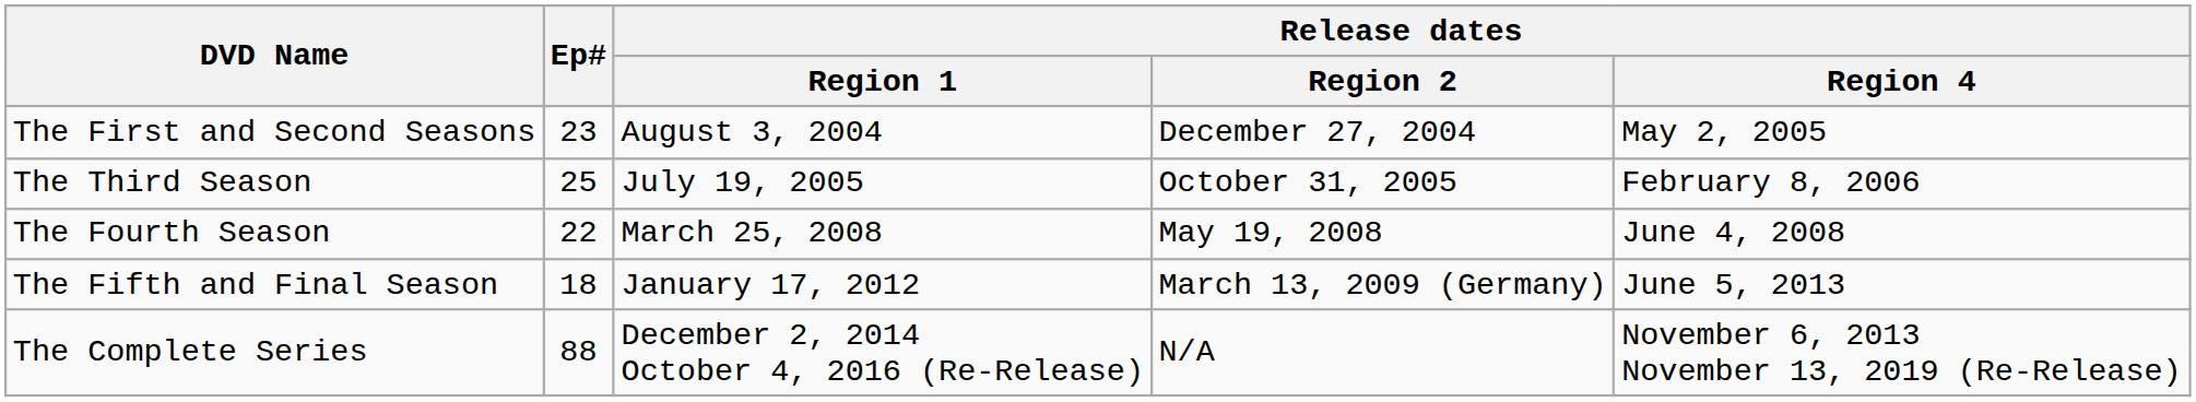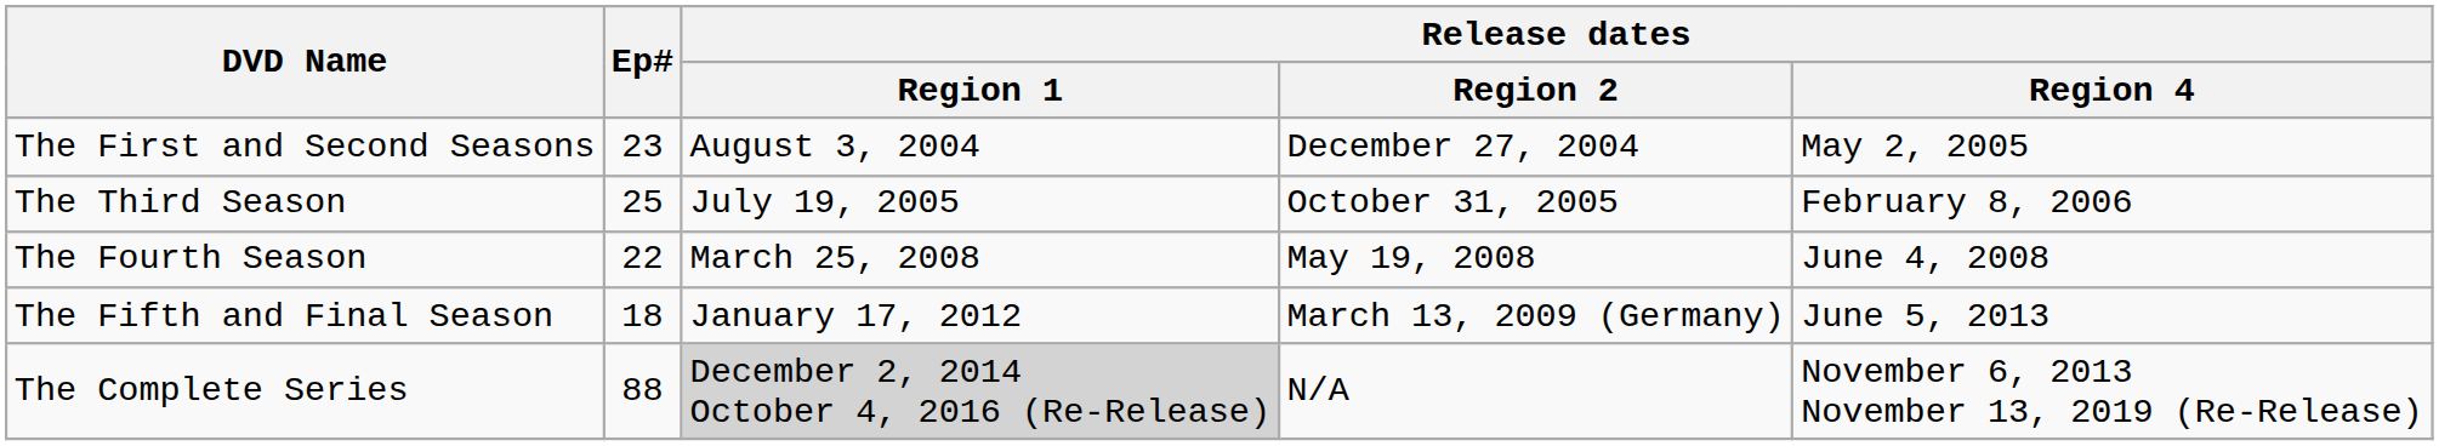 <table class="wikitable">
 <tr>
 <th rowspan="2">DVD Name</th>
 <th rowspan="2">Ep#</th>
 <th colspan="4">Release dates</th>
 </tr>
 <tr>
 <th>Region 1</th>
 <th>Region 2</th>
 <th>Region 4</th>
 </tr>
 <tr>
 <td>The First and Second Seasons</td>
 <td style="text-align:center;">23</td>
 <td>August 3, 2004</td>
 <td>December 27, 2004</td>
 <td>May 2, 2005</td>
 </tr>
 <tr>
 <td>The Third Season</td>
 <td style="text-align:center;">25</td>
 <td>July 19, 2005</td>
 <td>October 31, 2005</td>
 <td>February 8, 2006</td>
 </tr>
 <tr>
 <td>The Fourth Season</td>
 <td style="text-align:center;">22</td>
 <td>March 25, 2008</td>
 <td>May 19, 2008</td>
 <td>June 4, 2008</td>
 </tr>
 <tr>
 <td>The Fifth and Final Season</td>
 <td style="text-align:center;">18</td>
 <td>January 17, 2012</td>
 <td>March 13, 2009 (Germany)</td>
 <td>June 5, 2013</td>
 </tr>
 <tr>
 <td>The Complete Series</td>
 <td style="text-align:center;">88</td>
-<td>December 2, 2014<br>October 4, 2016 (Re-Release)</td>
+<td style="background: lightgrey;">December 2, 2014<br>October 4, 2016 (Re-Release)</td>
 <td>N/A</td>
 <td>November 6, 2013<br>November 13, 2019 (Re-Release)</td>
 </tr>
 </table>
